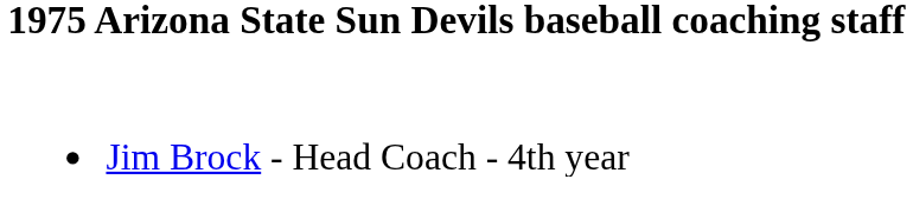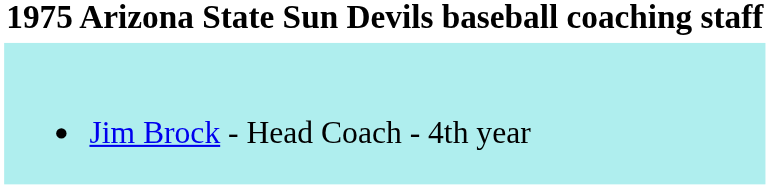 <table class="toccolours">
 <tr>
 <th colspan=9>1975 Arizona State Sun Devils baseball coaching staff</th>
 </tr>
 <tr>
-<td style="text-align: left; font-size: 95%;" valign="top"><br><ul><li><a href='#'>Jim Brock</a> - Head Coach - 4th year</li></ul></td>
+<td style="background: paleturquoise; text-align: left; font-size: 95%;" valign="top"><br><ul><li><a href='#'>Jim Brock</a> - Head Coach - 4th year</li></ul></td>
 </tr>
 </table>
